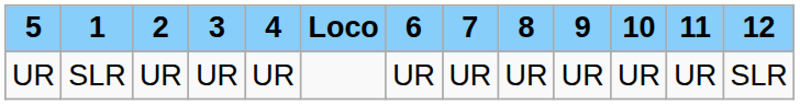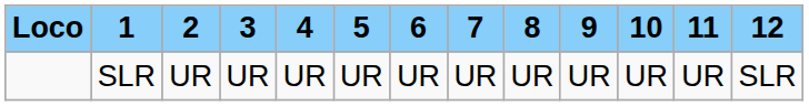 <table class="wikitable plainrowheaders unsortable" style="text-align:center">
 <tr>
-<th scope="col" rowspan="1" style="background:lightskyblue;">5</th>
+<th scope="col" rowspan="1" style="background:lightskyblue;">Loco</th>
 <th scope="col" rowspan="1" style="background:lightskyblue;">1</th>
 <th scope="col" rowspan="1" style="background:lightskyblue;">2</th>
 <th scope="col" rowspan="1" style="background:lightskyblue;">3</th>
 <th scope="col" rowspan="1" style="background:lightskyblue;">4</th>
-<th scope="col" rowspan="1" style="background:lightskyblue;">Loco</th>
+<th scope="col" rowspan="1" style="background:lightskyblue;">5</th>
 <th scope="col" rowspan="1" style="background:lightskyblue;">6</th>
 <th scope="col" rowspan="1" style="background:lightskyblue;">7</th>
 <th scope="col" rowspan="1" style="background:lightskyblue;">8</th>
 <th scope="col" rowspan="1" style="background:lightskyblue;">9</th>
 <th scope="col" rowspan="1" style="background:lightskyblue;">10</th>
 <th scope="col" rowspan="1" style="background:lightskyblue;">11</th>
 <th scope="col" rowspan="1" style="background:lightskyblue;">12</th>
 </tr>
 <tr>
-<td>UR</td>
+<td></td>
 <td>SLR</td>
 <td>UR</td>
 <td>UR</td>
 <td>UR</td>
-<td></td>
+<td>UR</td>
 <td>UR</td>
 <td>UR</td>
 <td>UR</td>
 <td>UR</td>
 <td>UR</td>
 <td>UR</td>
 <td>SLR</td>
 </tr>
 </table>
